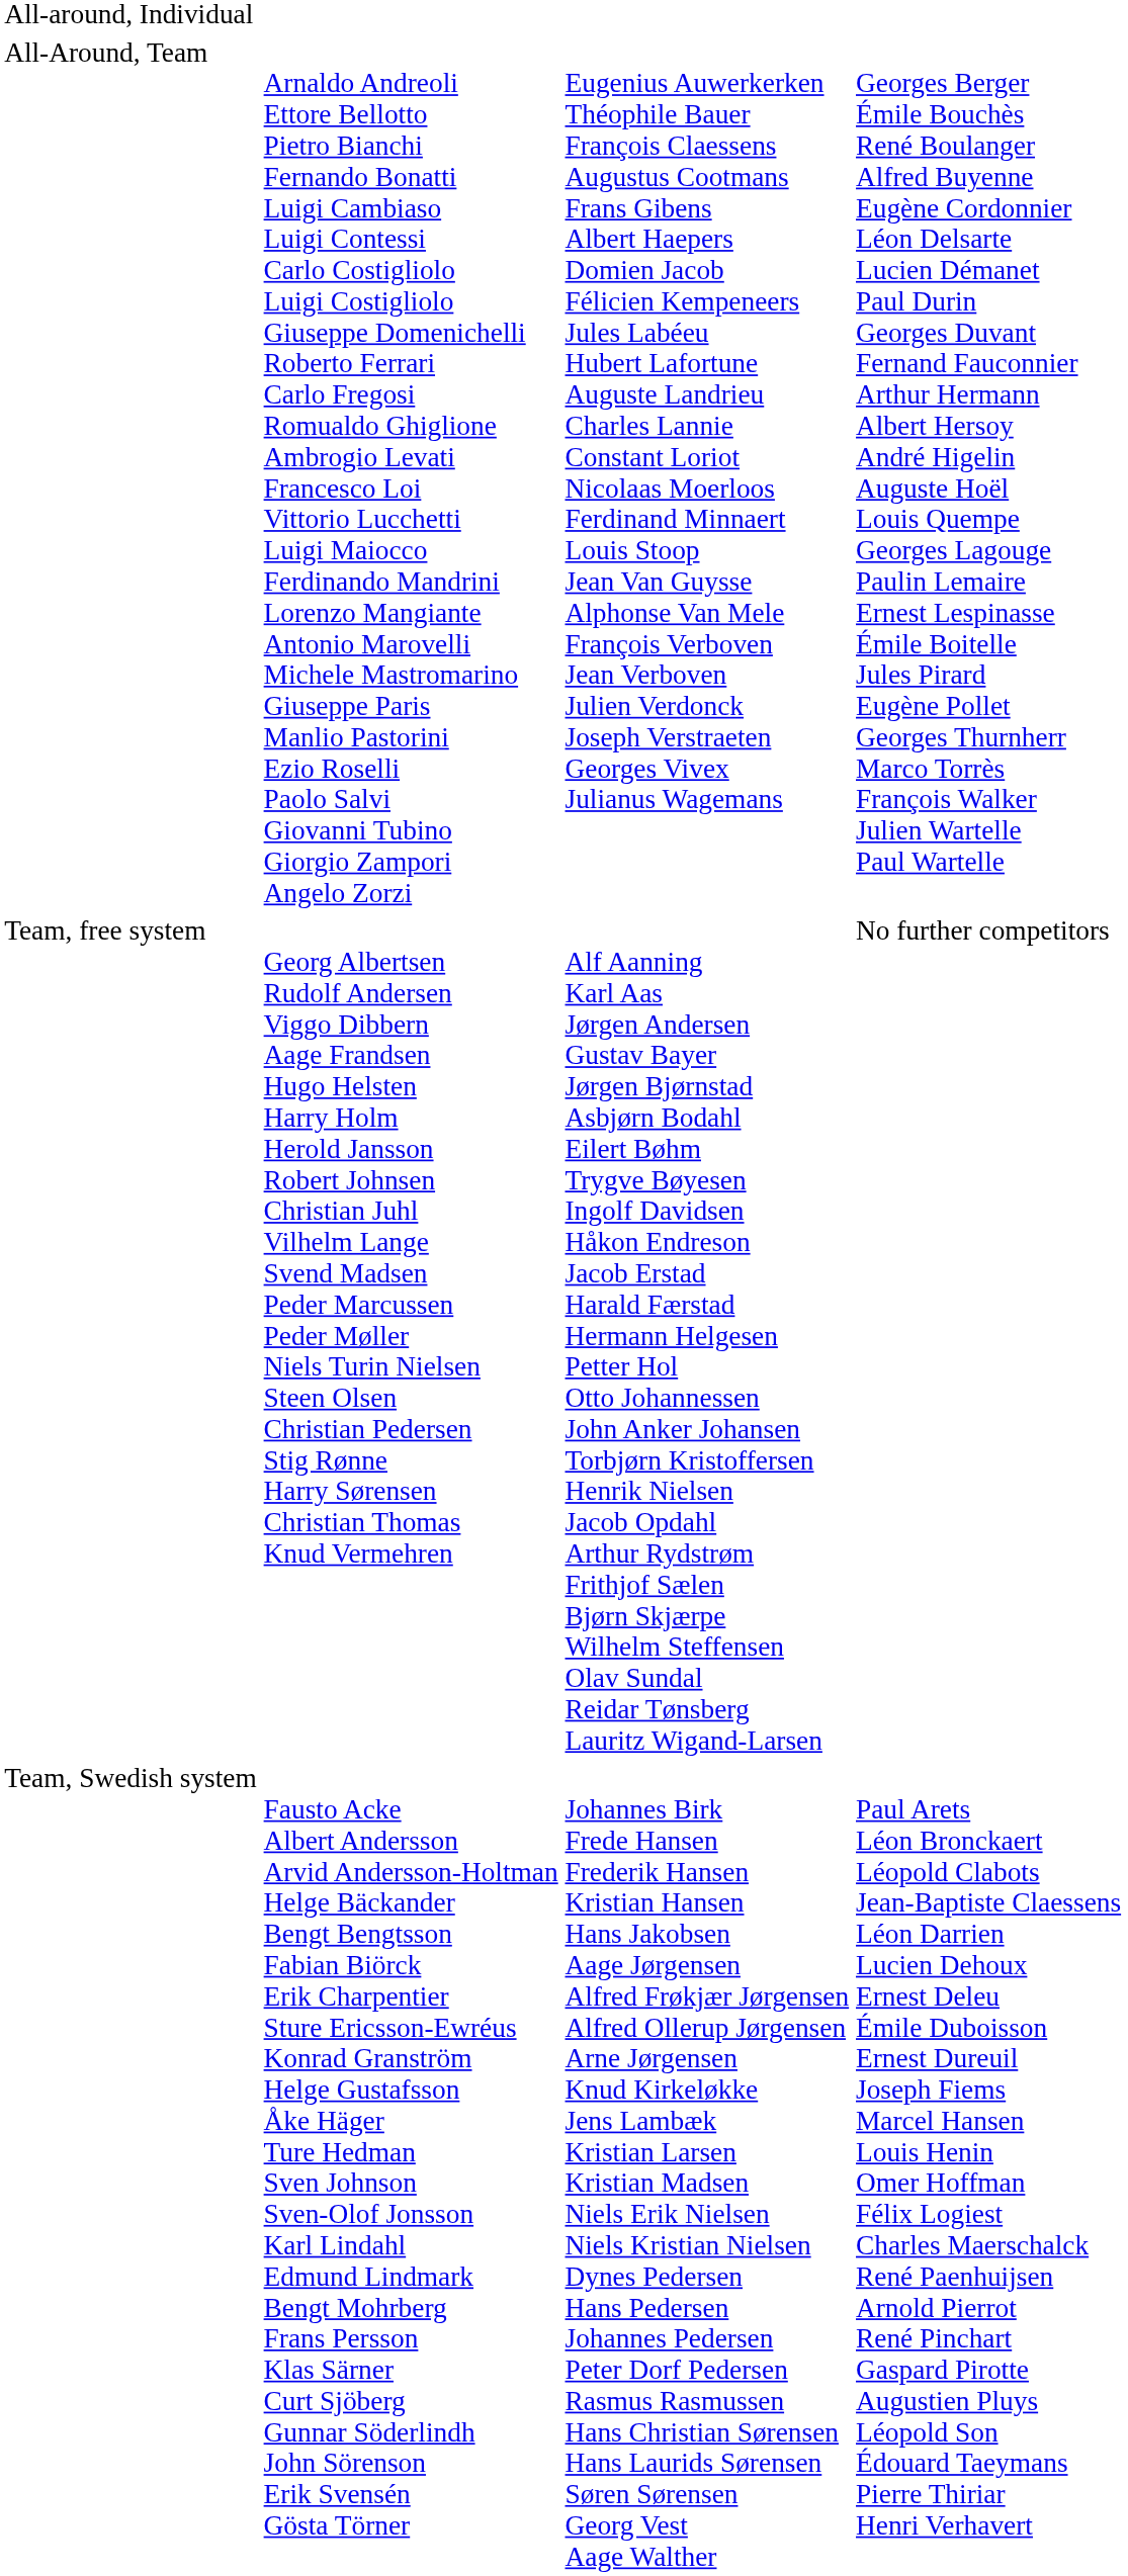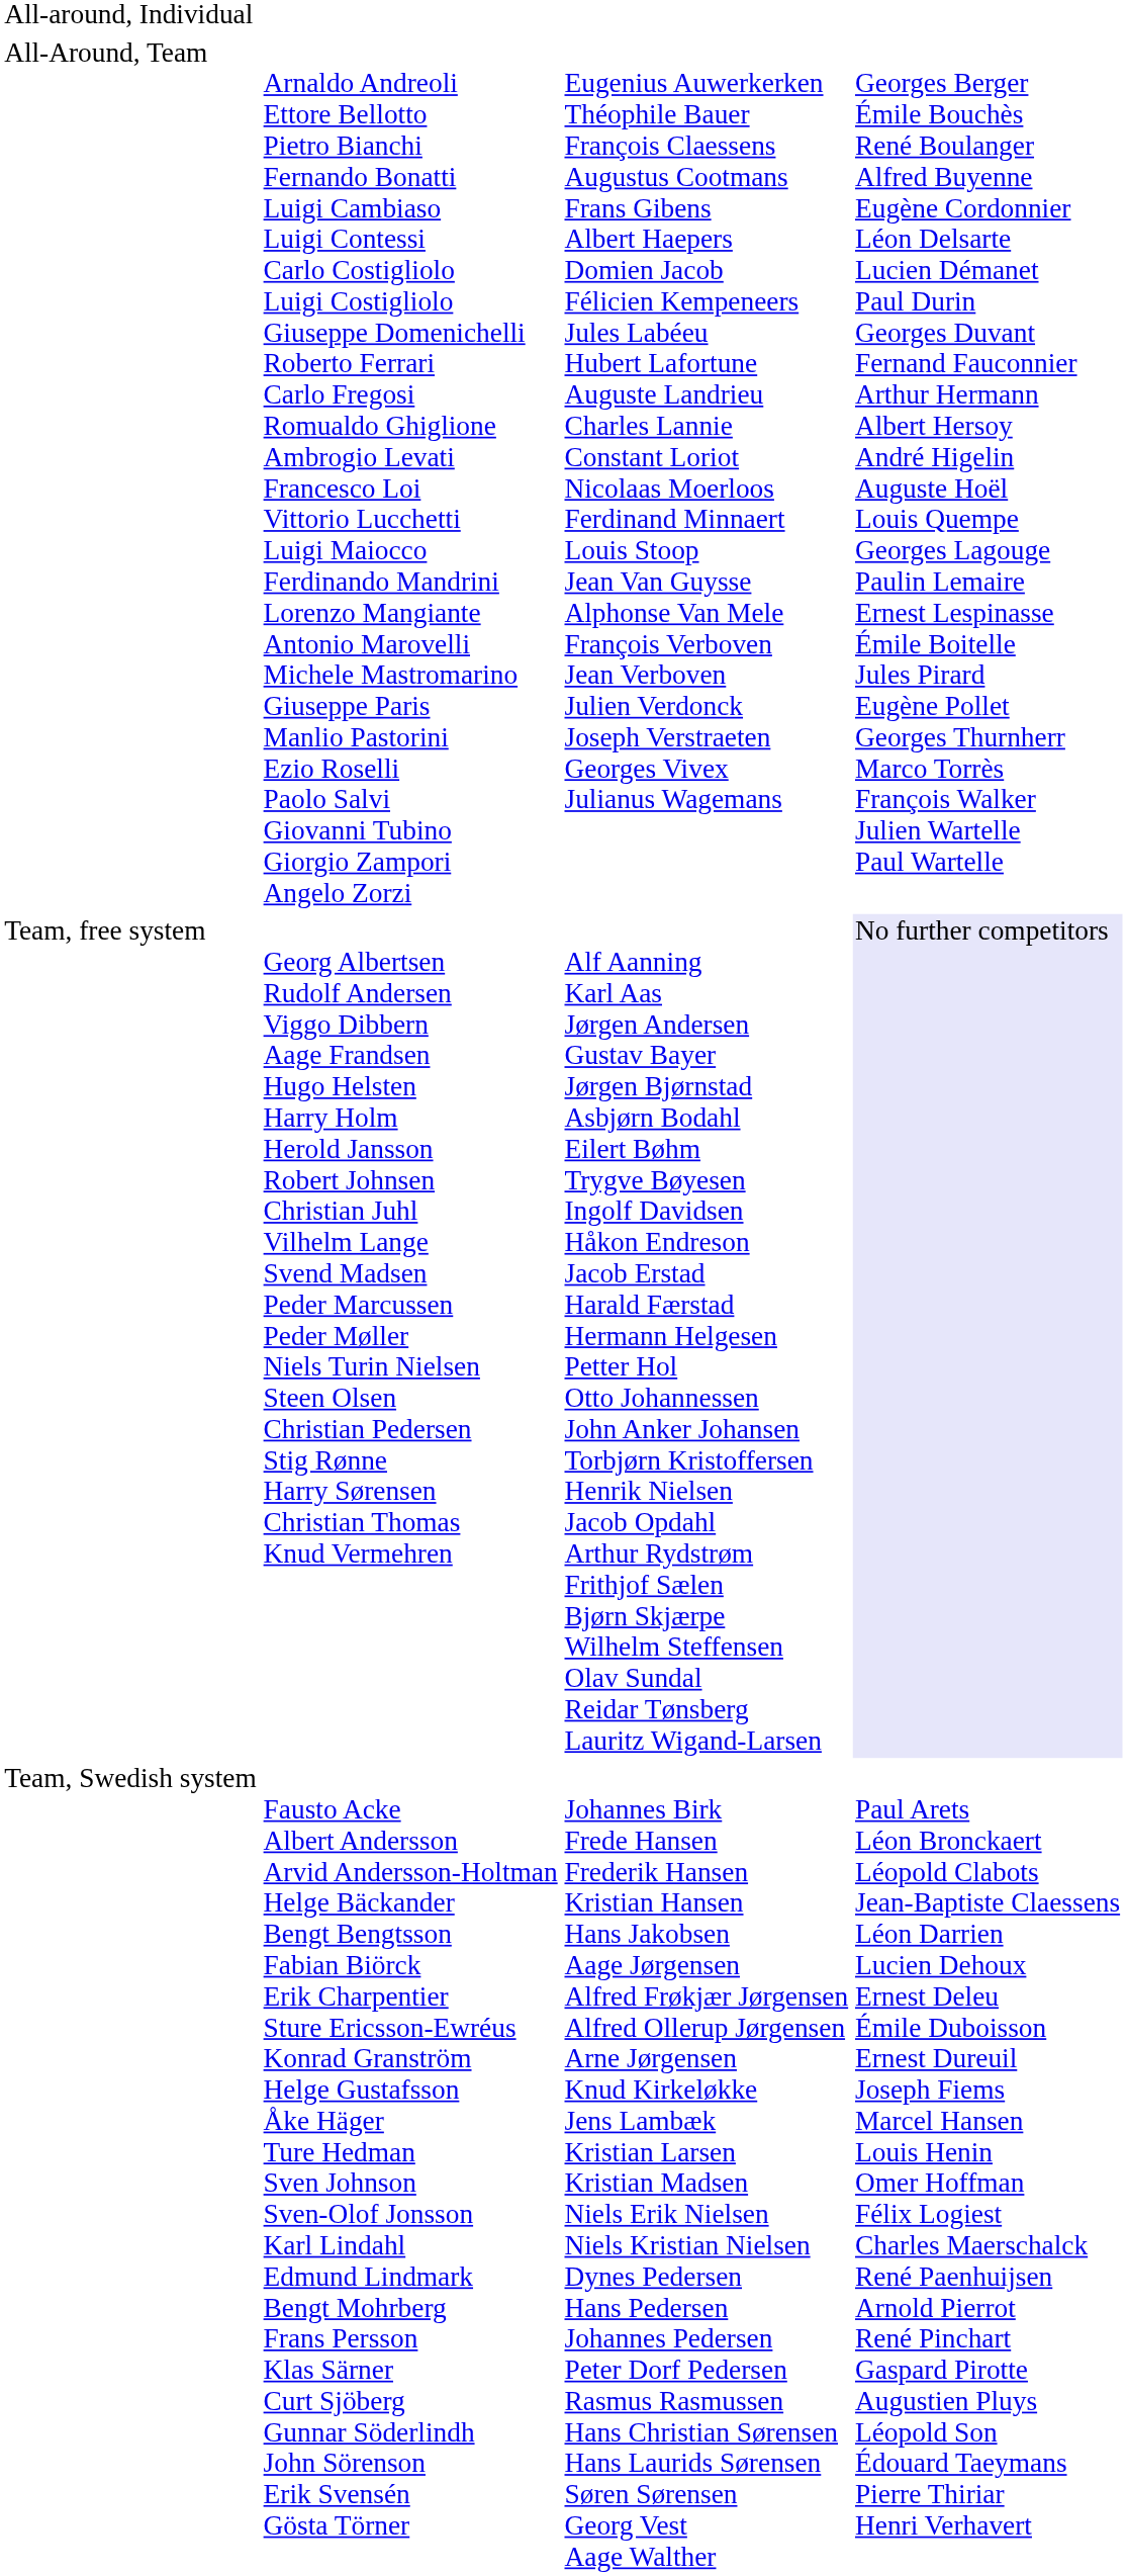 <table>
 <tr valign="top">
 <td>All-around, Individual <br></td>
 <td></td>
 <td></td>
 <td></td>
 </tr>
 <tr valign="top">
 <td>All-Around, Team <br></td>
 <td valign=top><br><a href='#'>Arnaldo Andreoli</a><br><a href='#'>Ettore Bellotto</a><br><a href='#'>Pietro Bianchi</a><br><a href='#'>Fernando Bonatti</a><br><a href='#'>Luigi Cambiaso</a><br><a href='#'>Luigi Contessi</a><br><a href='#'>Carlo Costigliolo</a><br><a href='#'>Luigi Costigliolo</a><br><a href='#'>Giuseppe Domenichelli</a><br><a href='#'>Roberto Ferrari</a><br><a href='#'>Carlo Fregosi</a><br><a href='#'>Romualdo Ghiglione</a><br><a href='#'>Ambrogio Levati</a><br><a href='#'>Francesco Loi</a><br><a href='#'>Vittorio Lucchetti</a><br><a href='#'>Luigi Maiocco</a><br><a href='#'>Ferdinando Mandrini</a><br><a href='#'>Lorenzo Mangiante</a><br><a href='#'>Antonio Marovelli</a><br><a href='#'>Michele Mastromarino</a><br><a href='#'>Giuseppe Paris</a><br><a href='#'>Manlio Pastorini</a><br><a href='#'>Ezio Roselli</a><br><a href='#'>Paolo Salvi</a><br><a href='#'>Giovanni Tubino</a><br><a href='#'>Giorgio Zampori</a><br><a href='#'>Angelo Zorzi</a></td>
 <td valign=top><br><a href='#'>Eugenius Auwerkerken</a><br><a href='#'>Théophile Bauer</a><br><a href='#'>François Claessens</a><br><a href='#'>Augustus Cootmans</a><br><a href='#'>Frans Gibens</a><br><a href='#'>Albert Haepers</a><br><a href='#'>Domien Jacob</a><br><a href='#'>Félicien Kempeneers</a><br><a href='#'>Jules Labéeu</a><br><a href='#'>Hubert Lafortune</a><br><a href='#'>Auguste Landrieu</a><br><a href='#'>Charles Lannie</a><br><a href='#'>Constant Loriot</a><br><a href='#'>Nicolaas Moerloos</a><br><a href='#'>Ferdinand Minnaert</a><br><a href='#'>Louis Stoop</a><br><a href='#'>Jean Van Guysse</a><br><a href='#'>Alphonse Van Mele</a><br><a href='#'>François Verboven</a><br><a href='#'>Jean Verboven</a><br><a href='#'>Julien Verdonck</a><br><a href='#'>Joseph Verstraeten</a><br><a href='#'>Georges Vivex</a><br><a href='#'>Julianus Wagemans</a></td>
 <td valign=top><br><a href='#'>Georges Berger</a><br><a href='#'>Émile Bouchès</a><br><a href='#'>René Boulanger</a><br><a href='#'>Alfred Buyenne</a><br><a href='#'>Eugène Cordonnier</a><br><a href='#'>Léon Delsarte</a><br><a href='#'>Lucien Démanet</a><br><a href='#'>Paul Durin</a><br><a href='#'>Georges Duvant</a><br><a href='#'>Fernand Fauconnier</a><br><a href='#'>Arthur Hermann</a><br><a href='#'>Albert Hersoy</a><br><a href='#'>André Higelin</a><br><a href='#'>Auguste Hoël</a><br><a href='#'>Louis Quempe</a><br><a href='#'>Georges Lagouge</a><br><a href='#'>Paulin Lemaire</a><br><a href='#'>Ernest Lespinasse</a><br><a href='#'>Émile Boitelle</a><br><a href='#'>Jules Pirard</a><br><a href='#'>Eugène Pollet</a><br><a href='#'>Georges Thurnherr</a><br><a href='#'>Marco Torrès</a><br><a href='#'>François Walker</a><br><a href='#'>Julien Wartelle</a><br><a href='#'>Paul Wartelle</a></td>
 </tr>
 <tr valign="top">
 <td>Team, free system<br></td>
 <td valign=top><br><a href='#'>Georg Albertsen</a><br><a href='#'>Rudolf Andersen</a><br><a href='#'>Viggo Dibbern</a><br><a href='#'>Aage Frandsen</a><br><a href='#'>Hugo Helsten</a><br><a href='#'>Harry Holm</a><br><a href='#'>Herold Jansson</a><br><a href='#'>Robert Johnsen</a><br><a href='#'>Christian Juhl</a><br><a href='#'>Vilhelm Lange</a><br><a href='#'>Svend Madsen</a><br><a href='#'>Peder Marcussen</a><br><a href='#'>Peder Møller</a><br><a href='#'>Niels Turin Nielsen</a><br><a href='#'>Steen Olsen</a><br><a href='#'>Christian Pedersen</a><br><a href='#'>Stig Rønne</a><br><a href='#'>Harry Sørensen</a><br><a href='#'>Christian Thomas</a><br><a href='#'>Knud Vermehren</a><br></td>
 <td valign=top><br><a href='#'>Alf Aanning</a><br><a href='#'>Karl Aas</a><br><a href='#'>Jørgen Andersen</a><br><a href='#'>Gustav Bayer</a><br><a href='#'>Jørgen Bjørnstad</a><br><a href='#'>Asbjørn Bodahl</a><br><a href='#'>Eilert Bøhm</a><br><a href='#'>Trygve Bøyesen</a><br><a href='#'>Ingolf Davidsen</a><br><a href='#'>Håkon Endreson</a><br><a href='#'>Jacob Erstad</a><br><a href='#'>Harald Færstad</a><br><a href='#'>Hermann Helgesen</a><br><a href='#'>Petter Hol</a><br><a href='#'>Otto Johannessen</a><br><a href='#'>John Anker Johansen</a><br><a href='#'>Torbjørn Kristoffersen</a><br><a href='#'>Henrik Nielsen</a><br><a href='#'>Jacob Opdahl</a><br><a href='#'>Arthur Rydstrøm</a><br><a href='#'>Frithjof Sælen</a><br><a href='#'>Bjørn Skjærpe</a><br><a href='#'>Wilhelm Steffensen</a><br><a href='#'>Olav Sundal</a><br><a href='#'>Reidar Tønsberg</a><br><a href='#'>Lauritz Wigand-Larsen</a></td>
-<td>No further competitors</td>
+<td style="background: lavender;">No further competitors</td>
 </tr>
 <tr valign="top">
 <td>Team, Swedish system<br></td>
 <td valign=top><br><a href='#'>Fausto Acke</a><br><a href='#'>Albert Andersson</a><br><a href='#'>Arvid Andersson-Holtman</a><br><a href='#'>Helge Bäckander</a><br><a href='#'>Bengt Bengtsson</a><br><a href='#'>Fabian Biörck</a><br><a href='#'>Erik Charpentier</a><br><a href='#'>Sture Ericsson-Ewréus</a><br><a href='#'>Konrad Granström</a><br><a href='#'>Helge Gustafsson</a><br><a href='#'>Åke Häger</a><br><a href='#'>Ture Hedman</a><br><a href='#'>Sven Johnson</a><br><a href='#'>Sven-Olof Jonsson</a><br><a href='#'>Karl Lindahl</a><br><a href='#'>Edmund Lindmark</a><br><a href='#'>Bengt Mohrberg</a><br><a href='#'>Frans Persson</a><br><a href='#'>Klas Särner</a><br><a href='#'>Curt Sjöberg</a><br><a href='#'>Gunnar Söderlindh</a><br><a href='#'>John Sörenson</a><br><a href='#'>Erik Svensén</a><br><a href='#'>Gösta Törner</a></td>
 <td valign=top><br><a href='#'>Johannes Birk</a><br><a href='#'>Frede Hansen</a><br><a href='#'>Frederik Hansen</a><br><a href='#'>Kristian Hansen</a><br><a href='#'>Hans Jakobsen</a><br><a href='#'>Aage Jørgensen</a><br><a href='#'>Alfred Frøkjær Jørgensen</a><br><a href='#'>Alfred Ollerup Jørgensen</a><br><a href='#'>Arne Jørgensen</a><br><a href='#'>Knud Kirkeløkke</a><br><a href='#'>Jens Lambæk</a><br><a href='#'>Kristian Larsen</a><br><a href='#'>Kristian Madsen</a><br><a href='#'>Niels Erik Nielsen</a><br><a href='#'>Niels Kristian Nielsen</a><br><a href='#'>Dynes Pedersen</a><br><a href='#'>Hans Pedersen</a><br><a href='#'>Johannes Pedersen</a><br><a href='#'>Peter Dorf Pedersen</a><br><a href='#'>Rasmus Rasmussen</a><br><a href='#'>Hans Christian Sørensen</a><br><a href='#'>Hans Laurids Sørensen</a><br><a href='#'>Søren Sørensen</a><br><a href='#'>Georg Vest</a><br><a href='#'>Aage Walther</a></td>
 <td valign=top><br><a href='#'>Paul Arets</a><br><a href='#'>Léon Bronckaert</a><br><a href='#'>Léopold Clabots</a><br><a href='#'>Jean-Baptiste Claessens</a><br><a href='#'>Léon Darrien</a><br><a href='#'>Lucien Dehoux</a><br><a href='#'>Ernest Deleu</a><br><a href='#'>Émile Duboisson</a><br><a href='#'>Ernest Dureuil</a><br><a href='#'>Joseph Fiems</a><br><a href='#'>Marcel Hansen</a><br><a href='#'>Louis Henin</a><br><a href='#'>Omer Hoffman</a><br><a href='#'>Félix Logiest</a><br><a href='#'>Charles Maerschalck</a><br><a href='#'>René Paenhuijsen</a><br><a href='#'>Arnold Pierrot</a><br><a href='#'>René Pinchart</a><br><a href='#'>Gaspard Pirotte</a><br><a href='#'>Augustien Pluys</a><br><a href='#'>Léopold Son</a><br><a href='#'>Édouard Taeymans</a><br><a href='#'>Pierre Thiriar</a><br><a href='#'>Henri Verhavert</a></td>
 </tr>
 </table>
